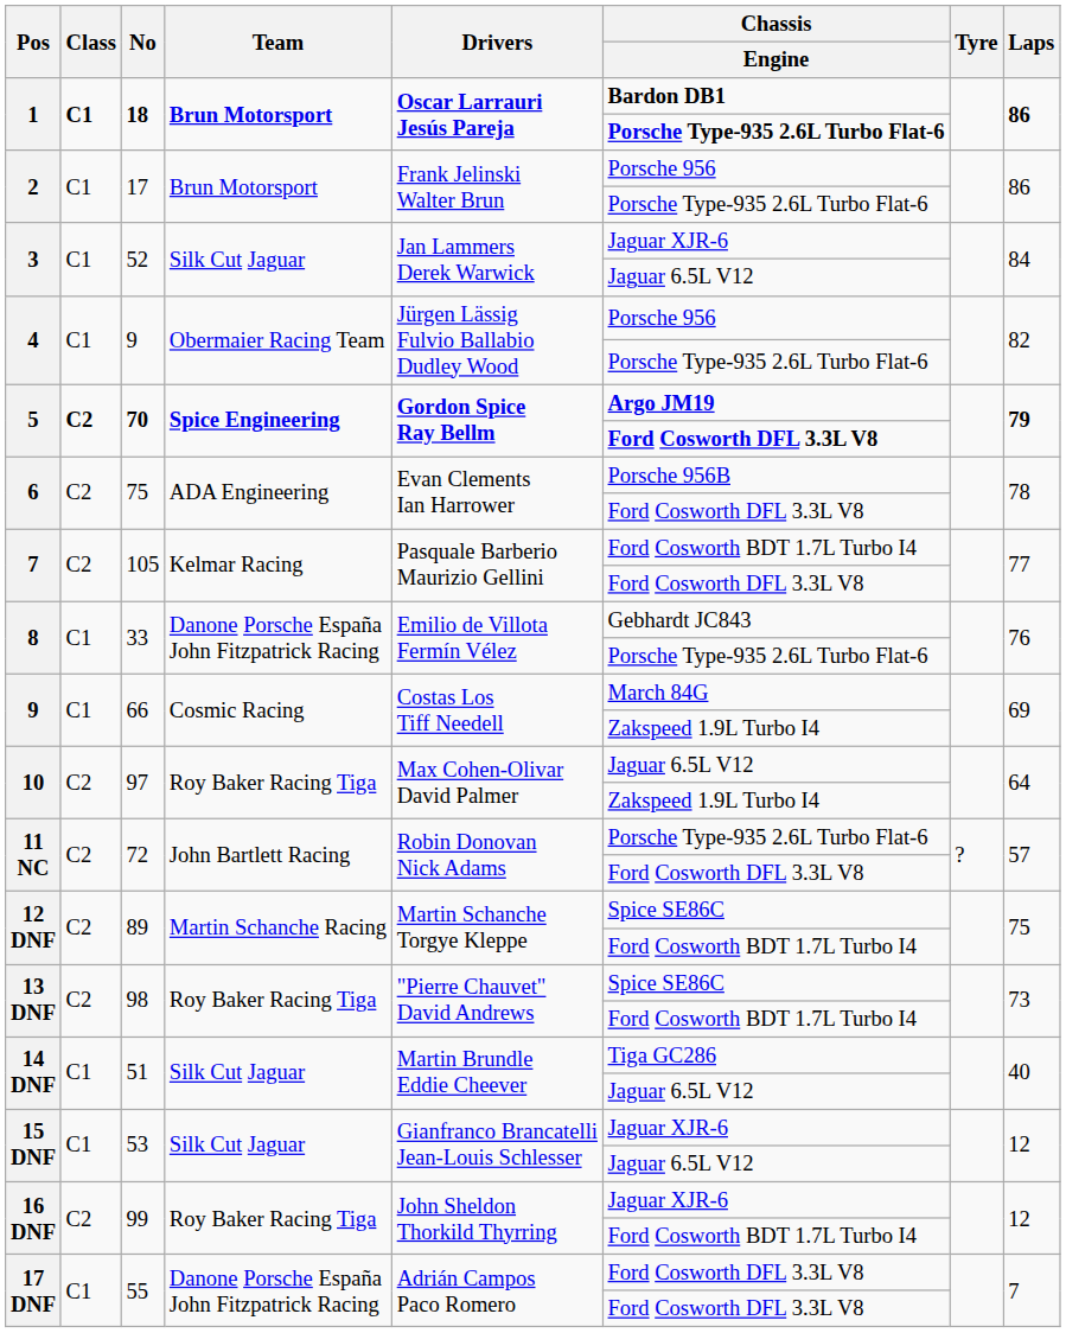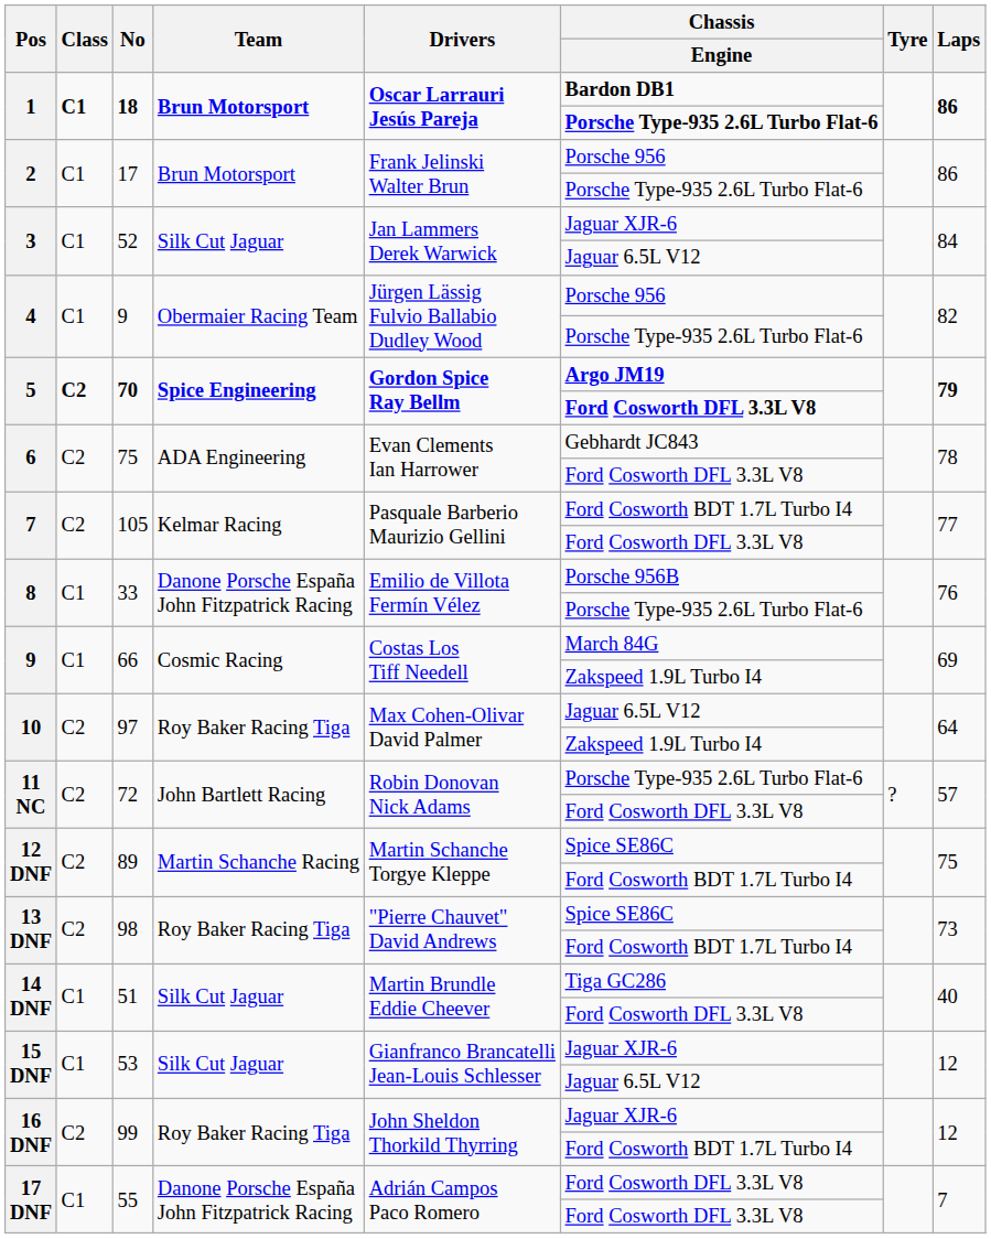 <table class="wikitable" style="font-size: 95%;">
 <tr>
 <th rowspan=2>Pos</th>
 <th rowspan=2>Class</th>
 <th rowspan=2>No</th>
 <th rowspan=2>Team</th>
 <th rowspan=2>Drivers</th>
 <th>Chassis</th>
 <th rowspan=2>Tyre</th>
 <th rowspan=2>Laps</th>
 </tr>
 <tr>
 <th>Engine</th>
 </tr>
 <tr style="font-weight:bold">
 <th rowspan=2>1</th>
 <td rowspan=2>C1</td>
 <td rowspan=2>18</td>
 <td rowspan=2> <a href='#'>Brun Motorsport</a></td>
 <td rowspan=2> <a href='#'>Oscar Larrauri</a><br> <a href='#'>Jesús Pareja</a></td>
 <td>Bardon DB1</td>
 <td rowspan=2></td>
 <td rowspan=2>86</td>
 </tr>
 <tr style="font-weight:bold">
 <td><a href='#'>Porsche</a> Type-935 2.6L Turbo Flat-6</td>
 </tr>
 <tr>
 <th rowspan=2>2</th>
 <td rowspan=2>C1</td>
 <td rowspan=2>17</td>
 <td rowspan=2> <a href='#'>Brun Motorsport</a></td>
 <td rowspan=2> <a href='#'>Frank Jelinski</a><br> <a href='#'>Walter Brun</a></td>
 <td><a href='#'>Porsche 956</a></td>
 <td rowspan=2></td>
 <td rowspan=2>86</td>
 </tr>
 <tr>
 <td><a href='#'>Porsche</a> Type-935 2.6L Turbo Flat-6</td>
 </tr>
 <tr>
 <th rowspan=2>3</th>
 <td rowspan=2>C1</td>
 <td rowspan=2>52</td>
 <td rowspan=2> <a href='#'>Silk Cut</a> <a href='#'>Jaguar</a></td>
 <td rowspan=2> <a href='#'>Jan Lammers</a><br> <a href='#'>Derek Warwick</a></td>
 <td><a href='#'>Jaguar XJR-6</a></td>
 <td rowspan=2></td>
 <td rowspan=2>84</td>
 </tr>
 <tr>
 <td><a href='#'>Jaguar</a> 6.5L V12</td>
 </tr>
 <tr>
 <th rowspan=2>4</th>
 <td rowspan=2>C1</td>
 <td rowspan=2>9</td>
 <td rowspan=2> <a href='#'>Obermaier Racing</a> Team</td>
 <td rowspan=2> <a href='#'>Jürgen Lässig</a><br> <a href='#'>Fulvio Ballabio</a><br> <a href='#'>Dudley Wood</a></td>
 <td><a href='#'>Porsche 956</a></td>
 <td rowspan=2></td>
 <td rowspan=2>82</td>
 </tr>
 <tr>
 <td><a href='#'>Porsche</a> Type-935 2.6L Turbo Flat-6</td>
 </tr>
 <tr style="font-weight:bold">
 <th rowspan=2>5</th>
 <td rowspan=2>C2</td>
 <td rowspan=2>70</td>
 <td rowspan=2> <a href='#'>Spice Engineering</a></td>
 <td rowspan=2> <a href='#'>Gordon Spice</a><br> <a href='#'>Ray Bellm</a></td>
 <td><a href='#'>Argo JM19</a></td>
 <td rowspan=2></td>
 <td rowspan=2>79</td>
 </tr>
 <tr style="font-weight:bold">
 <td><a href='#'>Ford</a> <a href='#'>Cosworth DFL</a> 3.3L V8</td>
 </tr>
 <tr>
 <th rowspan=2>6</th>
 <td rowspan=2>C2</td>
 <td rowspan=2>75</td>
 <td rowspan=2> ADA Engineering</td>
 <td rowspan=2> Evan Clements<br> Ian Harrower</td>
-<td><a href='#'>Porsche 956B</a></td>
+<td>Gebhardt JC843</td>
 <td rowspan=2></td>
 <td rowspan=2>78</td>
 </tr>
 <tr>
 <td><a href='#'>Ford</a> <a href='#'>Cosworth DFL</a> 3.3L V8</td>
 </tr>
 <tr>
 <th rowspan=2>7</th>
 <td rowspan=2>C2</td>
 <td rowspan=2>105</td>
 <td rowspan=2> Kelmar Racing</td>
 <td rowspan=2> Pasquale Barberio<br> Maurizio Gellini</td>
 <td><a href='#'>Ford</a> <a href='#'>Cosworth</a> BDT 1.7L Turbo I4</td>
 <td rowspan=2></td>
 <td rowspan=2>77</td>
 </tr>
 <tr>
 <td><a href='#'>Ford</a> <a href='#'>Cosworth DFL</a> 3.3L V8</td>
 </tr>
 <tr>
 <th rowspan=2>8</th>
 <td rowspan=2>C1</td>
 <td rowspan=2>33</td>
 <td rowspan=2> <a href='#'>Danone</a> <a href='#'>Porsche</a> España<br> John Fitzpatrick Racing</td>
 <td rowspan=2> <a href='#'>Emilio de Villota</a><br> <a href='#'>Fermín Vélez</a></td>
-<td>Gebhardt JC843</td>
+<td><a href='#'>Porsche 956B</a></td>
 <td rowspan=2></td>
 <td rowspan=2>76</td>
 </tr>
 <tr>
 <td><a href='#'>Porsche</a> Type-935 2.6L Turbo Flat-6</td>
 </tr>
 <tr>
 <th rowspan=2>9</th>
 <td rowspan=2>C1</td>
 <td rowspan=2>66</td>
 <td rowspan=2> Cosmic Racing</td>
 <td rowspan=2> <a href='#'>Costas Los</a><br> <a href='#'>Tiff Needell</a></td>
 <td><a href='#'>March 84G</a></td>
 <td rowspan=2></td>
 <td rowspan=2>69</td>
 </tr>
 <tr>
 <td><a href='#'>Zakspeed</a> 1.9L Turbo I4</td>
 </tr>
 <tr>
 <th rowspan=2>10</th>
 <td rowspan=2>C2</td>
 <td rowspan=2>97</td>
 <td rowspan=2> Roy Baker Racing <a href='#'>Tiga</a></td>
 <td rowspan=2> <a href='#'>Max Cohen-Olivar</a><br> David Palmer</td>
 <td><a href='#'>Jaguar</a> 6.5L V12</td>
 <td rowspan=2></td>
 <td rowspan=2>64</td>
 </tr>
 <tr>
 <td><a href='#'>Zakspeed</a> 1.9L Turbo I4</td>
 </tr>
 <tr>
 <th rowspan=2>11<br>NC</th>
 <td rowspan=2>C2</td>
 <td rowspan=2>72</td>
 <td rowspan=2> John Bartlett Racing</td>
 <td rowspan=2> <a href='#'>Robin Donovan</a><br> <a href='#'>Nick Adams</a></td>
 <td><a href='#'>Porsche</a> Type-935 2.6L Turbo Flat-6</td>
 <td rowspan=2>?</td>
 <td rowspan=2>57</td>
 </tr>
 <tr>
 <td><a href='#'>Ford</a> <a href='#'>Cosworth DFL</a> 3.3L V8</td>
 </tr>
 <tr>
 <th rowspan=2>12<br>DNF</th>
 <td rowspan=2>C2</td>
 <td rowspan=2>89</td>
 <td rowspan=2> <a href='#'>Martin Schanche</a> Racing</td>
 <td rowspan=2> <a href='#'>Martin Schanche</a><br> Torgye Kleppe</td>
 <td><a href='#'>Spice SE86C</a></td>
 <td rowspan=2></td>
 <td rowspan=2>75</td>
 </tr>
 <tr>
 <td><a href='#'>Ford</a> <a href='#'>Cosworth</a> BDT 1.7L Turbo I4</td>
 </tr>
 <tr>
 <th rowspan=2>13<br>DNF</th>
 <td rowspan=2>C2</td>
 <td rowspan=2>98</td>
 <td rowspan=2> Roy Baker Racing <a href='#'>Tiga</a></td>
 <td rowspan=2> <a href='#'>"Pierre Chauvet"</a><br> <a href='#'>David Andrews</a></td>
 <td><a href='#'>Spice SE86C</a></td>
 <td rowspan=2></td>
 <td rowspan=2>73</td>
 </tr>
 <tr>
 <td><a href='#'>Ford</a> <a href='#'>Cosworth</a> BDT 1.7L Turbo I4</td>
 </tr>
 <tr>
 <th rowspan=2>14<br>DNF</th>
 <td rowspan=2>C1</td>
 <td rowspan=2>51</td>
 <td rowspan=2> <a href='#'>Silk Cut</a> <a href='#'>Jaguar</a></td>
 <td rowspan=2> <a href='#'>Martin Brundle</a><br> <a href='#'>Eddie Cheever</a></td>
 <td><a href='#'>Tiga GC286</a></td>
 <td rowspan=2></td>
 <td rowspan=2>40</td>
 </tr>
 <tr>
-<td><a href='#'>Jaguar</a> 6.5L V12</td>
+<td><a href='#'>Ford</a> <a href='#'>Cosworth DFL</a> 3.3L V8</td>
 </tr>
 <tr>
 <th rowspan=2>15<br>DNF</th>
 <td rowspan=2>C1</td>
 <td rowspan=2>53</td>
 <td rowspan=2> <a href='#'>Silk Cut</a> <a href='#'>Jaguar</a></td>
 <td rowspan=2> <a href='#'>Gianfranco Brancatelli</a><br> <a href='#'>Jean-Louis Schlesser</a></td>
 <td><a href='#'>Jaguar XJR-6</a></td>
 <td rowspan=2></td>
 <td rowspan=2>12</td>
 </tr>
 <tr>
 <td><a href='#'>Jaguar</a> 6.5L V12</td>
 </tr>
 <tr>
 <th rowspan=2>16<br>DNF</th>
 <td rowspan=2>C2</td>
 <td rowspan=2>99</td>
 <td rowspan=2> Roy Baker Racing <a href='#'>Tiga</a></td>
 <td rowspan=2> <a href='#'>John Sheldon</a><br> <a href='#'>Thorkild Thyrring</a></td>
 <td><a href='#'>Jaguar XJR-6</a></td>
 <td rowspan=2></td>
 <td rowspan=2>12</td>
 </tr>
 <tr>
 <td><a href='#'>Ford</a> <a href='#'>Cosworth</a> BDT 1.7L Turbo I4</td>
 </tr>
 <tr>
 <th rowspan=2>17<br>DNF</th>
 <td rowspan=2>C1</td>
 <td rowspan=2>55</td>
 <td rowspan=2> <a href='#'>Danone</a> <a href='#'>Porsche</a> España<br> John Fitzpatrick Racing</td>
 <td rowspan=2> <a href='#'>Adrián Campos</a><br> Paco Romero</td>
 <td><a href='#'>Ford</a> <a href='#'>Cosworth DFL</a> 3.3L V8</td>
 <td rowspan=2></td>
 <td rowspan=2>7</td>
 </tr>
 <tr>
 <td><a href='#'>Ford</a> <a href='#'>Cosworth DFL</a> 3.3L V8</td>
 </tr>
 </table>
